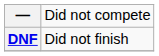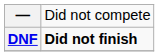 <table class="wikitable">
 <tr>
 <th scope="row">—</th>
 <td>Did not compete</td>
 </tr>
 <tr>
 <th scope="row"><a href='#'>DNF</a></th>
-<td>Did not finish</td>
+<td><strong>Did not finish</strong></td>
 </tr>
 <tr>
 </tr>
 </table>
